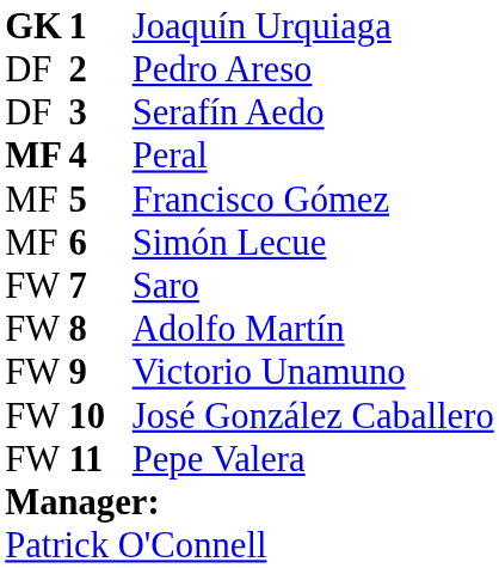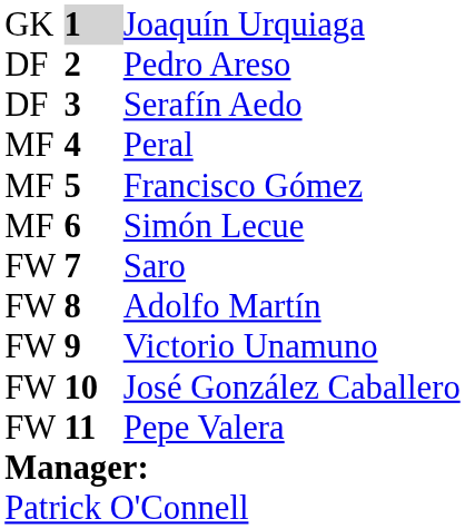 <table style="font-size: 90%" cellspacing="0" cellpadding="0" align=center>
 <tr>
 <td colspan="4"></td>
 </tr>
 <tr>
 <th width=25></th>
 <th width=25></th>
 </tr>
 <tr>
-<td><strong>GK</strong></td>
-<td><strong>1</strong></td>
+<td>GK</td>
+<td style="background: lightgrey;"><strong>1</strong></td>
 <td> <a href='#'>Joaquín Urquiaga</a></td>
 </tr>
 <tr>
 <td>DF</td>
 <td><strong>2</strong></td>
 <td> <a href='#'>Pedro Areso</a></td>
 </tr>
 <tr>
 <td>DF</td>
 <td><strong>3</strong></td>
 <td> <a href='#'>Serafín Aedo</a></td>
 </tr>
 <tr>
-<td><strong>MF</strong></td>
+<td>MF</td>
 <td><strong>4</strong></td>
 <td> <a href='#'>Peral</a></td>
 </tr>
 <tr>
 <td>MF</td>
 <td><strong>5</strong></td>
 <td> <a href='#'>Francisco Gómez</a></td>
 </tr>
 <tr>
 <td>MF</td>
 <td><strong>6</strong></td>
 <td> <a href='#'>Simón Lecue</a></td>
 </tr>
 <tr>
 <td>FW</td>
 <td><strong>7</strong></td>
 <td> <a href='#'>Saro</a></td>
 </tr>
 <tr>
 <td>FW</td>
 <td><strong>8</strong></td>
 <td> <a href='#'>Adolfo Martín</a></td>
 </tr>
 <tr>
 <td>FW</td>
 <td><strong>9</strong></td>
 <td> <a href='#'>Victorio Unamuno</a></td>
 </tr>
 <tr>
 <td>FW</td>
 <td><strong>10</strong></td>
 <td> <a href='#'>José González Caballero</a></td>
 </tr>
 <tr>
 <td>FW</td>
 <td><strong>11</strong></td>
 <td> <a href='#'>Pepe Valera</a></td>
 </tr>
 <tr>
 <td colspan=3><strong>Manager:</strong></td>
 </tr>
 <tr>
 <td colspan="4"> <a href='#'>Patrick O'Connell</a></td>
 </tr>
 <tr>
 </tr>
 </table>
